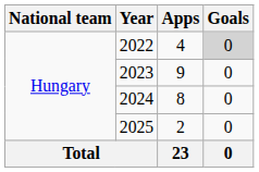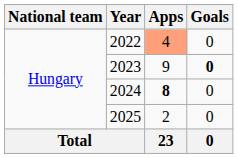 <table class="wikitable" style="text-align: center;">
 <tr>
 <th>National team</th>
 <th>Year</th>
 <th>Apps</th>
 <th>Goals</th>
 </tr>
 <tr>
 <td rowspan="4"><a href='#'>Hungary</a></td>
 <td>2022</td>
-<td>4</td>
-<td style="background: lightgrey;">0</td>
+<td style="background: lightsalmon;">4</td>
+<td>0</td>
 </tr>
 <tr>
 <td>2023</td>
 <td>9</td>
-<td>0</td>
+<td><strong>0</strong></td>
 </tr>
 <tr>
 <td>2024</td>
-<td>8</td>
+<td><strong>8</strong></td>
 <td>0</td>
 </tr>
 <tr>
 <td>2025</td>
 <td>2</td>
 <td>0</td>
 </tr>
 <tr>
 <th colspan="2">Total</th>
 <th>23</th>
 <th>0</th>
 </tr>
 </table>
